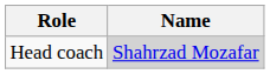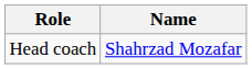 <table class="wikitable">
 <tr>
 <th>Role</th>
 <th>Name</th>
 </tr>
 <tr>
 <td>Head coach</td>
-<td style="background: lightgrey;"> <a href='#'>Shahrzad Mozafar</a></td>
+<td> <a href='#'>Shahrzad Mozafar</a></td>
 </tr>
 </table>
